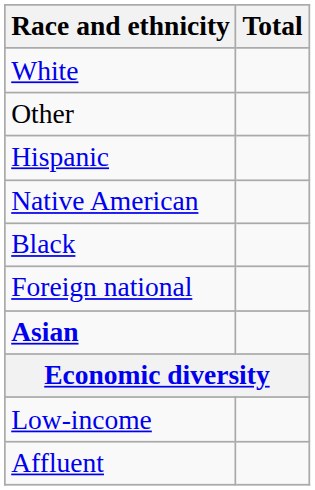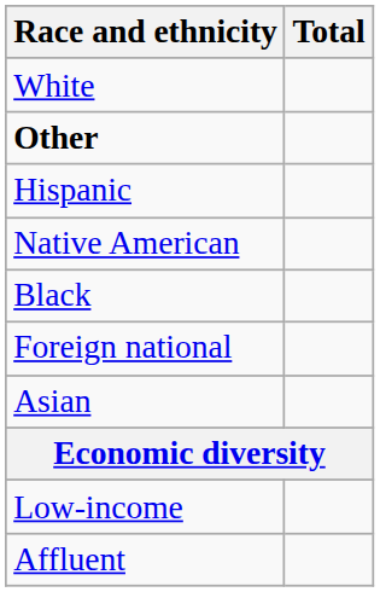 <table class="wikitable floatright sortable collapsible"; text-align:right; font-size:80%;">
 <tr>
 <th>Race and ethnicity</th>
 <th colspan="2" data-sort-type=number>Total</th>
 </tr>
 <tr>
 <td><a href='#'>White</a></td>
 <td align=right></td>
 </tr>
 <tr>
-<td>Other</td>
+<td><strong>Other</strong></td>
 <td align=right></td>
 </tr>
 <tr>
 <td><a href='#'>Hispanic</a></td>
 <td align=right></td>
 </tr>
 <tr>
 <td><a href='#'>Native American</a></td>
 <td align=right></td>
 </tr>
 <tr>
 <td><a href='#'>Black</a></td>
 <td align=right></td>
 </tr>
 <tr>
 <td><a href='#'>Foreign national</a></td>
 <td align=right></td>
 </tr>
 <tr>
-<td><strong><a href='#'>Asian</a></strong></td>
+<td><a href='#'>Asian</a></td>
 <td align=right></td>
 </tr>
 <tr>
 <th colspan="4" data-sort-type=number><a href='#'>Economic diversity</a></th>
 </tr>
 <tr>
 <td><a href='#'>Low-income</a></td>
 <td align=right></td>
 </tr>
 <tr>
 <td><a href='#'>Affluent</a></td>
 <td align=right></td>
 </tr>
 </table>
